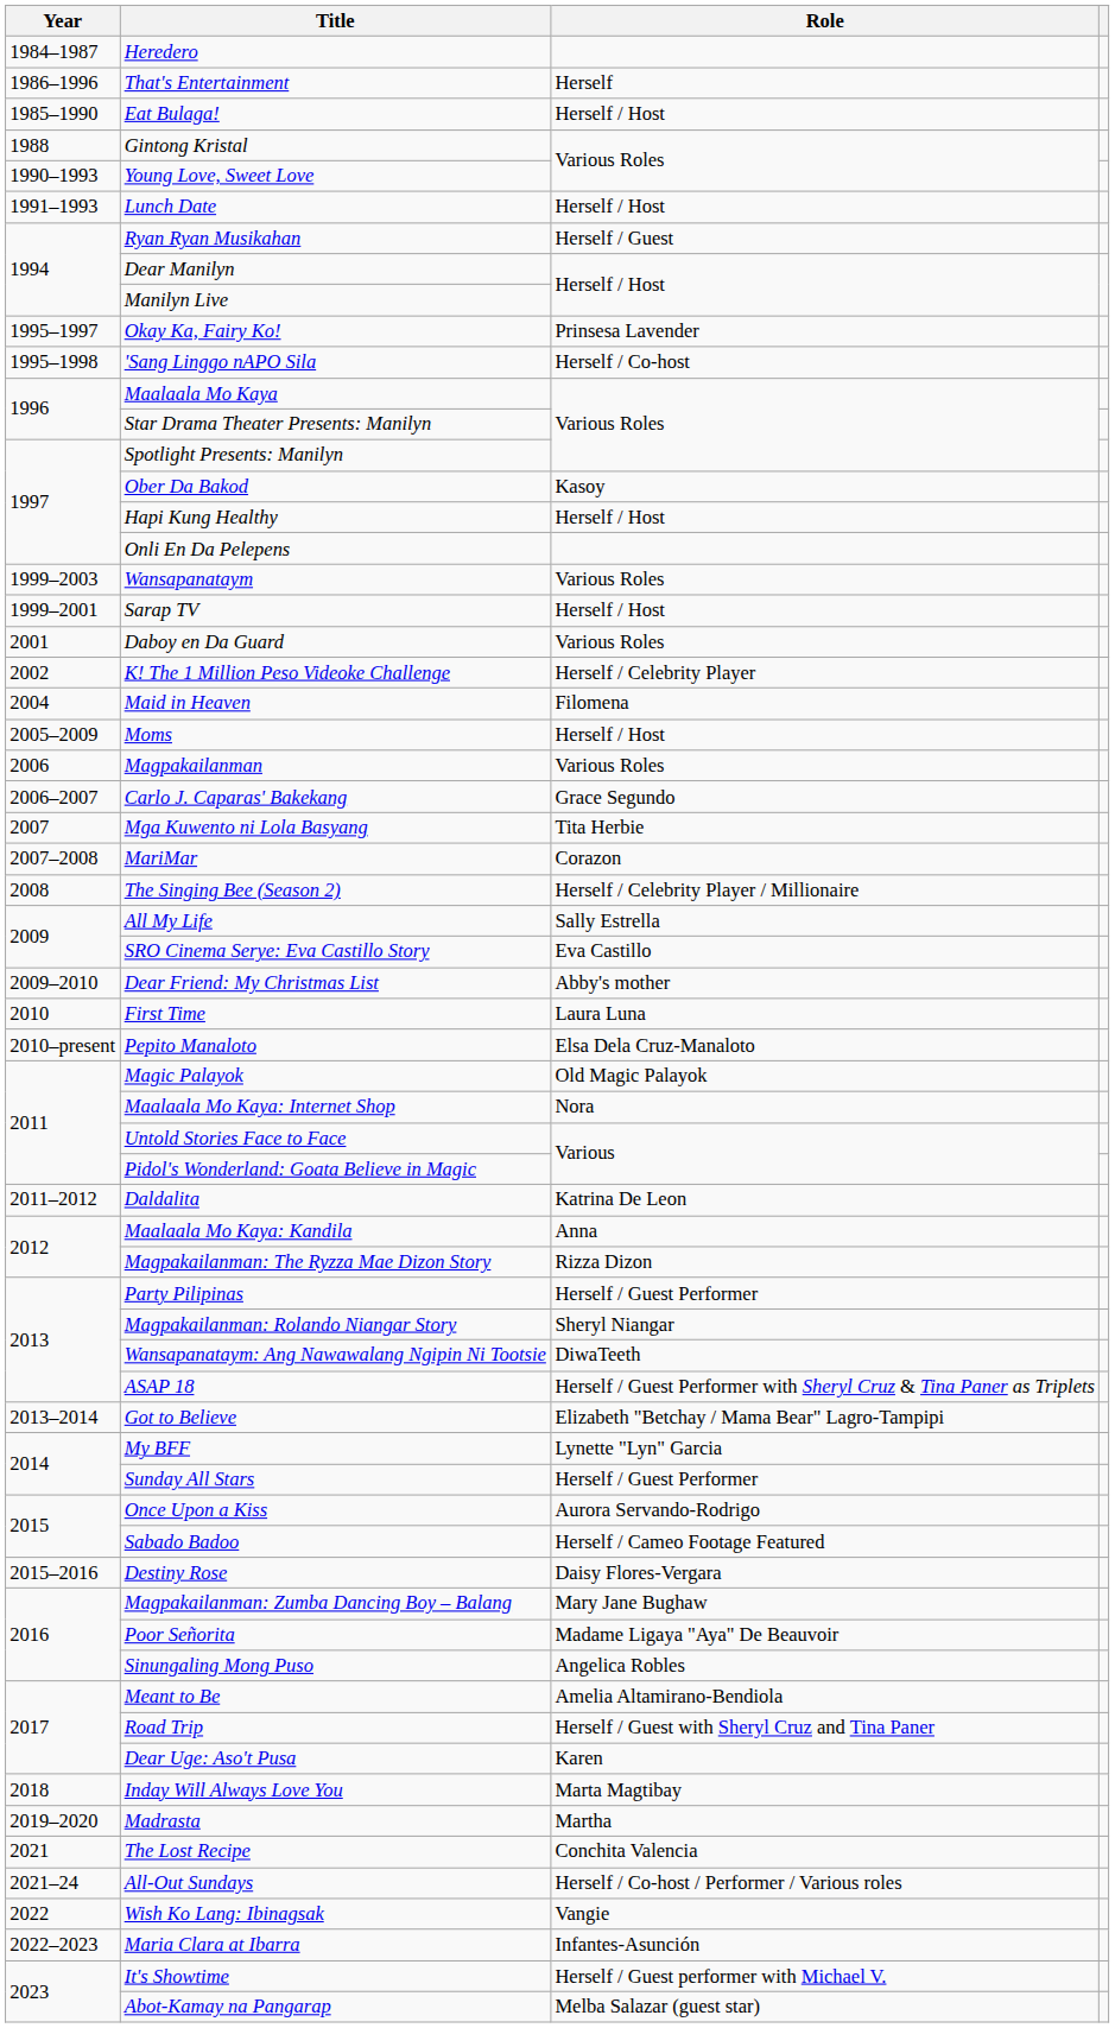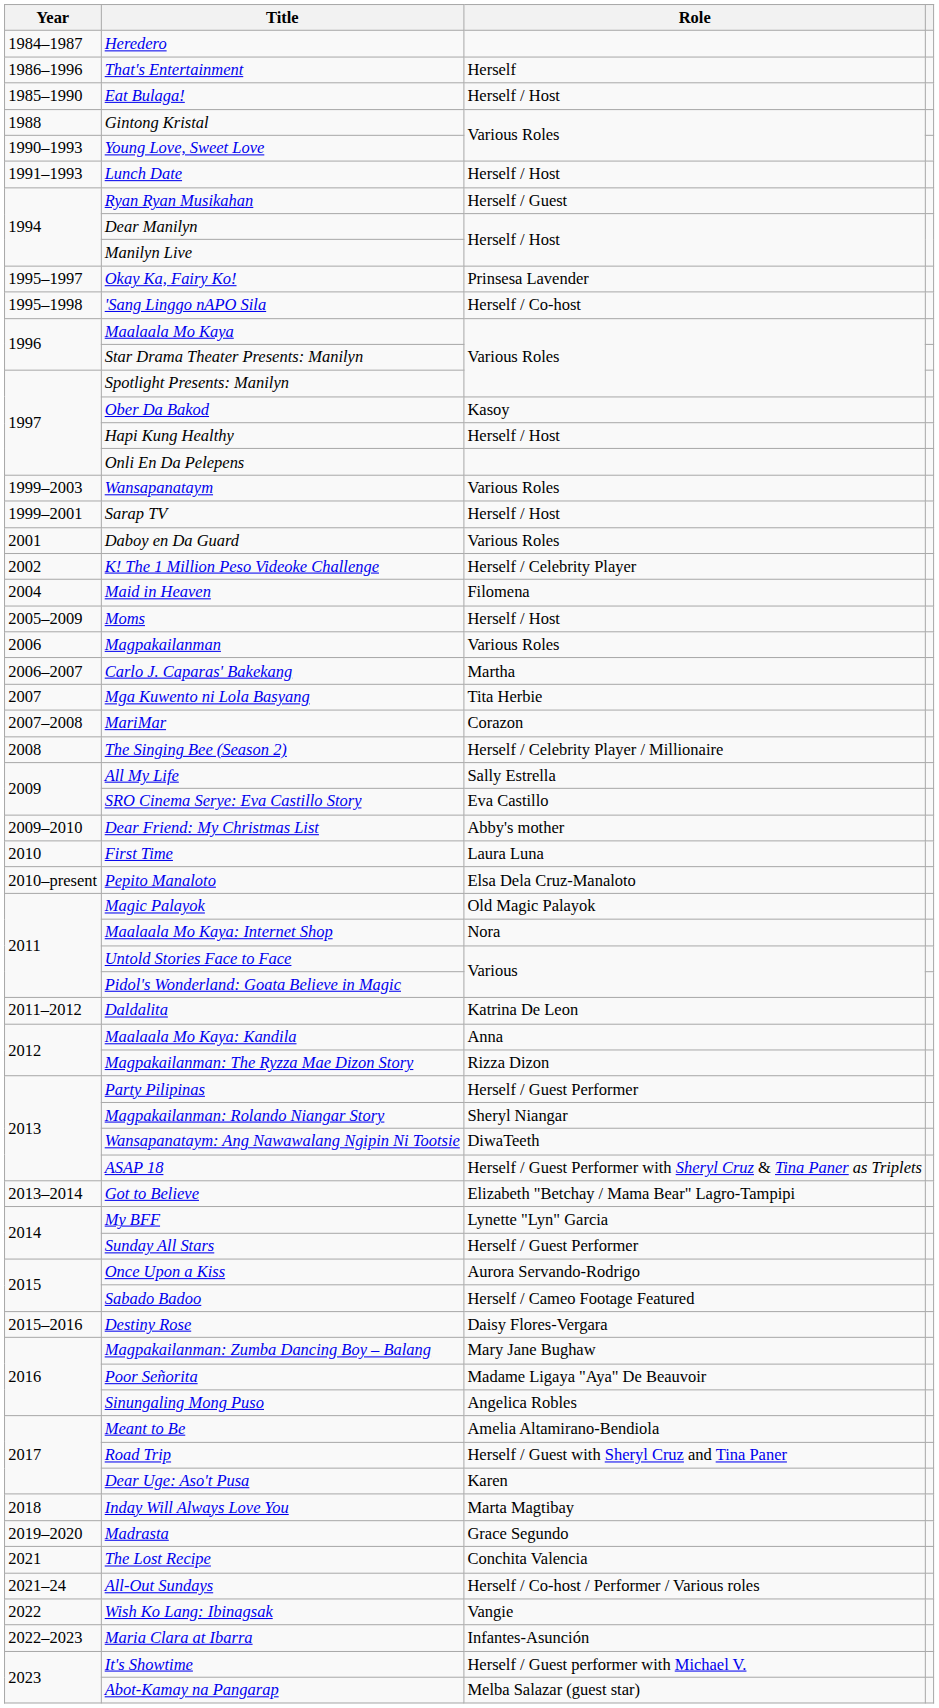 <table class="wikitable sortable">
 <tr>
 <th>Year</th>
 <th>Title</th>
 <th>Role</th>
 <th></th>
 </tr>
 <tr>
 <td>1984–1987</td>
 <td><em><a href='#'>Heredero</a></em></td>
 <td></td>
 <td></td>
 </tr>
 <tr>
 <td>1986–1996</td>
 <td><em><a href='#'>That's Entertainment</a></em></td>
 <td>Herself</td>
 <td></td>
 </tr>
 <tr>
 <td>1985–1990</td>
 <td><em><a href='#'>Eat Bulaga!</a></em></td>
 <td>Herself / Host</td>
 <td></td>
 </tr>
 <tr>
 <td>1988</td>
 <td><em>Gintong Kristal</em></td>
 <td rowspan="2">Various Roles</td>
 <td></td>
 </tr>
 <tr>
 <td>1990–1993</td>
 <td><em><a href='#'>Young Love, Sweet Love</a></em></td>
 </tr>
 <tr>
 <td>1991–1993</td>
 <td><em><a href='#'>Lunch Date</a></em></td>
 <td>Herself / Host</td>
 <td></td>
 </tr>
 <tr>
 <td rowspan="3">1994</td>
 <td><em><a href='#'>Ryan Ryan Musikahan</a></em></td>
 <td>Herself / Guest</td>
 <td></td>
 </tr>
 <tr>
 <td><em>Dear Manilyn</em></td>
 <td rowspan="2">Herself / Host</td>
 <td rowspan="2"></td>
 </tr>
 <tr>
 <td><em>Manilyn Live</em></td>
 </tr>
 <tr>
 <td>1995–1997</td>
 <td><em><a href='#'>Okay Ka, Fairy Ko!</a></em></td>
 <td>Prinsesa Lavender</td>
 <td></td>
 </tr>
 <tr>
 <td>1995–1998</td>
 <td><em><a href='#'>'Sang Linggo nAPO Sila</a></em></td>
 <td>Herself / Co-host</td>
 <td></td>
 </tr>
 <tr>
 <td rowspan="2">1996</td>
 <td><em><a href='#'>Maalaala Mo Kaya</a></em></td>
 <td rowspan="3">Various Roles</td>
 <td></td>
 </tr>
 <tr>
 <td><em>Star Drama Theater Presents: Manilyn</em></td>
 <td></td>
 </tr>
 <tr>
 <td rowspan="4">1997</td>
 <td><em>Spotlight Presents: Manilyn</em></td>
 <td></td>
 </tr>
 <tr>
 <td><em><a href='#'>Ober Da Bakod</a></em></td>
 <td>Kasoy</td>
 <td></td>
 </tr>
 <tr>
 <td><em>Hapi Kung Healthy</em></td>
 <td>Herself / Host</td>
 <td></td>
 </tr>
 <tr>
 <td><em>Onli En Da Pelepens</em></td>
 <td></td>
 <td></td>
 </tr>
 <tr>
 <td>1999–2003</td>
 <td><em><a href='#'>Wansapanataym</a></em></td>
 <td>Various Roles</td>
 <td></td>
 </tr>
 <tr>
 <td>1999–2001</td>
 <td><em>Sarap TV</em></td>
 <td>Herself / Host</td>
 <td></td>
 </tr>
 <tr>
 <td>2001</td>
 <td><em>Daboy en Da Guard</em></td>
 <td>Various Roles</td>
 <td></td>
 </tr>
 <tr>
 <td>2002</td>
 <td><em><a href='#'>K! The 1 Million Peso Videoke Challenge</a></em></td>
 <td>Herself / Celebrity Player</td>
 <td></td>
 </tr>
 <tr>
 <td>2004</td>
 <td><em><a href='#'>Maid in Heaven</a></em></td>
 <td>Filomena</td>
 <td></td>
 </tr>
 <tr>
 <td>2005–2009</td>
 <td><em><a href='#'>Moms</a></em></td>
 <td>Herself / Host</td>
 <td></td>
 </tr>
 <tr>
 <td>2006</td>
 <td><em><a href='#'>Magpakailanman</a></em></td>
 <td>Various Roles</td>
 <td></td>
 </tr>
 <tr>
 <td>2006–2007</td>
 <td><em><a href='#'>Carlo J. Caparas' Bakekang</a></em></td>
-<td>Grace Segundo</td>
+<td>Martha</td>
 <td></td>
 </tr>
 <tr>
 <td>2007</td>
 <td><em><a href='#'>Mga Kuwento ni Lola Basyang</a></em></td>
 <td>Tita Herbie</td>
 <td></td>
 </tr>
 <tr>
 <td>2007–2008</td>
 <td><em><a href='#'>MariMar</a></em></td>
 <td>Corazon</td>
 <td></td>
 </tr>
 <tr>
 <td>2008</td>
 <td><em><a href='#'>The Singing Bee (Season 2)</a></em></td>
 <td>Herself / Celebrity Player / Millionaire</td>
 <td></td>
 </tr>
 <tr>
 <td rowspan="2">2009</td>
 <td><em><a href='#'>All My Life</a></em></td>
 <td>Sally Estrella</td>
 <td></td>
 </tr>
 <tr>
 <td><em><a href='#'>SRO Cinema Serye: Eva Castillo Story</a></em></td>
 <td>Eva Castillo</td>
 <td></td>
 </tr>
 <tr>
 <td>2009–2010</td>
 <td><em><a href='#'>Dear Friend: My Christmas List</a></em></td>
 <td>Abby's mother</td>
 <td></td>
 </tr>
 <tr>
 <td>2010</td>
 <td><em><a href='#'>First Time</a></em></td>
 <td>Laura Luna</td>
 <td></td>
 </tr>
 <tr>
 <td>2010–present</td>
 <td><em><a href='#'>Pepito Manaloto</a></em></td>
 <td>Elsa Dela Cruz-Manaloto</td>
 <td></td>
 </tr>
 <tr>
 <td rowspan="4">2011</td>
 <td><em><a href='#'>Magic Palayok</a></em></td>
 <td>Old Magic Palayok</td>
 <td></td>
 </tr>
 <tr>
 <td><em><a href='#'>Maalaala Mo Kaya: Internet Shop</a></em></td>
 <td>Nora</td>
 <td></td>
 </tr>
 <tr>
 <td><em><a href='#'>Untold Stories Face to Face</a></em></td>
 <td rowspan="2">Various</td>
 <td></td>
 </tr>
 <tr>
 <td><em><a href='#'>Pidol's Wonderland: Goata Believe in Magic</a></em></td>
 <td></td>
 </tr>
 <tr>
 <td>2011–2012</td>
 <td><em><a href='#'>Daldalita</a></em></td>
 <td>Katrina De Leon</td>
 <td></td>
 </tr>
 <tr>
 <td rowspan="2">2012</td>
 <td><em><a href='#'>Maalaala Mo Kaya: Kandila</a></em></td>
 <td>Anna</td>
 <td></td>
 </tr>
 <tr>
 <td><em><a href='#'>Magpakailanman: The Ryzza Mae Dizon Story</a></em></td>
 <td>Rizza Dizon</td>
 <td></td>
 </tr>
 <tr>
 <td rowspan="4">2013</td>
 <td><em><a href='#'>Party Pilipinas</a></em></td>
 <td>Herself / Guest Performer</td>
 <td></td>
 </tr>
 <tr>
 <td><em><a href='#'>Magpakailanman: Rolando Niangar Story</a></em></td>
 <td>Sheryl Niangar</td>
 <td></td>
 </tr>
 <tr>
 <td><em><a href='#'>Wansapanataym: Ang Nawawalang Ngipin Ni Tootsie</a></em></td>
 <td>DiwaTeeth</td>
 <td></td>
 </tr>
 <tr>
 <td><em><a href='#'>ASAP 18</a></em></td>
 <td>Herself / Guest Performer with <em><a href='#'>Sheryl Cruz</a></em> & <em><a href='#'>Tina Paner</a> as Triplets</em></td>
 <td></td>
 </tr>
 <tr>
 <td>2013–2014</td>
 <td><em><a href='#'>Got to Believe</a></em></td>
 <td>Elizabeth "Betchay / Mama Bear" Lagro-Tampipi</td>
 <td></td>
 </tr>
 <tr>
 <td rowspan="2">2014</td>
 <td><em><a href='#'>My BFF</a></em></td>
 <td>Lynette "Lyn" Garcia</td>
 <td></td>
 </tr>
 <tr>
 <td><em><a href='#'>Sunday All Stars</a></em></td>
 <td>Herself / Guest Performer</td>
 <td></td>
 </tr>
 <tr>
 <td rowspan="2">2015</td>
 <td><em><a href='#'>Once Upon a Kiss</a></em></td>
 <td>Aurora Servando-Rodrigo</td>
 <td></td>
 </tr>
 <tr>
 <td><em><a href='#'>Sabado Badoo</a></em></td>
 <td>Herself / Cameo Footage Featured</td>
 <td></td>
 </tr>
 <tr>
 <td>2015–2016</td>
 <td><em><a href='#'>Destiny Rose</a></em></td>
 <td>Daisy Flores-Vergara</td>
 <td></td>
 </tr>
 <tr>
 <td rowspan="3">2016</td>
 <td><em><a href='#'>Magpakailanman: Zumba Dancing Boy – Balang</a></em></td>
 <td>Mary Jane Bughaw</td>
 <td></td>
 </tr>
 <tr>
 <td><em><a href='#'>Poor Señorita</a></em></td>
 <td>Madame Ligaya "Aya" De Beauvoir</td>
 <td></td>
 </tr>
 <tr>
 <td><em><a href='#'>Sinungaling Mong Puso</a></em></td>
 <td>Angelica Robles</td>
 <td></td>
 </tr>
 <tr>
 <td rowspan="3">2017</td>
 <td><em><a href='#'>Meant to Be</a></em></td>
 <td>Amelia Altamirano-Bendiola</td>
 <td></td>
 </tr>
 <tr>
 <td><a href='#'><em>Road Trip</em></a></td>
 <td>Herself / Guest with <a href='#'>Sheryl Cruz</a> and <a href='#'>Tina Paner</a></td>
 <td></td>
 </tr>
 <tr>
 <td><em><a href='#'>Dear Uge: Aso't Pusa</a></em></td>
 <td>Karen</td>
 <td></td>
 </tr>
 <tr>
 <td>2018</td>
 <td><em><a href='#'>Inday Will Always Love You</a></em></td>
 <td>Marta Magtibay</td>
 <td></td>
 </tr>
 <tr>
 <td>2019–2020</td>
 <td><em><a href='#'>Madrasta</a></em></td>
-<td>Martha</td>
+<td>Grace Segundo</td>
 <td></td>
 </tr>
 <tr>
 <td>2021</td>
 <td><em><a href='#'>The Lost Recipe</a></em></td>
 <td>Conchita Valencia</td>
 <td></td>
 </tr>
 <tr>
 <td>2021–24</td>
 <td><em><a href='#'>All-Out Sundays</a></em></td>
 <td>Herself / Co-host / Performer / Various roles</td>
 </tr>
 <tr>
 <td>2022</td>
 <td><em><a href='#'>Wish Ko Lang: Ibinagsak</a></em></td>
 <td>Vangie</td>
 <td></td>
 </tr>
 <tr>
 <td>2022–2023</td>
 <td><em><a href='#'>Maria Clara at Ibarra</a></em></td>
 <td> Infantes-Asunción</td>
 <td></td>
 </tr>
 <tr>
 <td rowspan="2">2023</td>
 <td><em><a href='#'>It's Showtime</a></em></td>
 <td>Herself / Guest performer with <a href='#'>Michael V.</a></td>
 <td></td>
 </tr>
 <tr>
 <td><em><a href='#'>Abot-Kamay na Pangarap</a></em></td>
 <td>Melba Salazar (guest star)</td>
 <td></td>
 </tr>
 </table>
